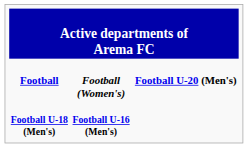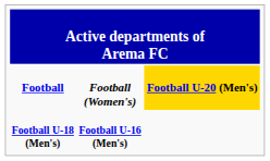 <table class="infobox" style="font-size: 88%; width: 22em; text-align: center">
 <tr>
 <th colspan=3 style="font-size: 125%; background-color:#0000aa; color:white; text-align:center;"><br>Active departments of<br>Arema FC</th>
 </tr>
 <tr style="text-align: center">
 <td><br><strong><a href='#'>Football</a></strong></td>
 <td><br><strong><em>Football<br>(Women's)</em></strong></td>
-<td><br><strong><a href='#'>Football U-20</a> (Men's)</strong></td>
+<td style="background: gold;"><br><strong><a href='#'>Football U-20</a> (Men's)</strong></td>
 </tr>
 <tr style="font-size: 90%; text-align: center">
 <td><br><strong><a href='#'>Football U-18</a><br> (Men's)</strong></td>
 <td><br><strong><a href='#'>Football U-16</a><br> (Men's)</strong></td>
 </tr>
 </table>
